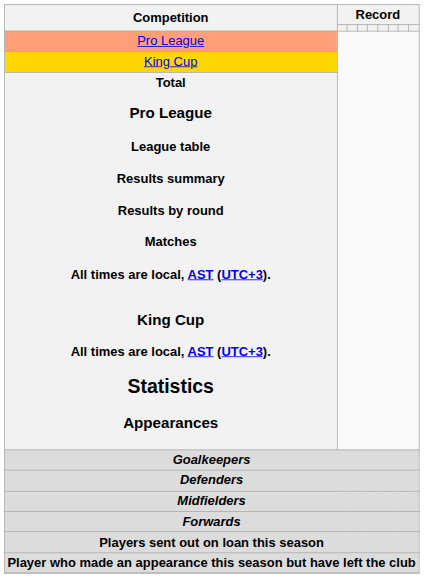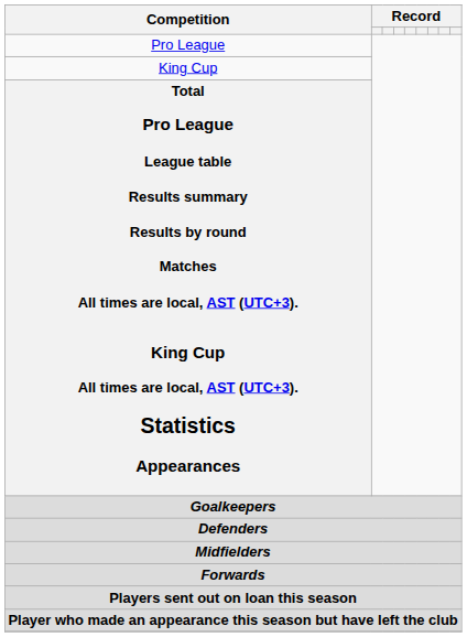 <table class="wikitable" style="text-align: center">
 <tr>
 <th rowspan=2>Competition</th>
 <th colspan=8>Record</th>
 </tr>
 <tr>
 <th></th>
 <th></th>
 <th></th>
 <th></th>
 <th></th>
 <th></th>
 <th></th>
 <th></th>
 </tr>
 <tr>
-<td style="background: lightsalmon;"><a href='#'>Pro League</a><br></td>
+<td><a href='#'>Pro League</a><br></td>
 </tr>
 <tr>
-<td style="background: gold;"><a href='#'>King Cup</a><br></td>
+<td><a href='#'>King Cup</a><br></td>
 </tr>
 <tr>
 <th>Total<br> <h3>Pro League</h3><h4>League table</h4><h4>Results summary</h4> <h4>Results by round</h4><h4>Matches</h4>All times are local, <a href='#'>AST</a> (<a href='#'>UTC+3</a>).<br>   <br>                             <h3>King Cup</h3> All times are local, <a href='#'>AST</a> (<a href='#'>UTC+3</a>).<br> <h2>Statistics</h2><h3>Appearances</h3></th>
 </tr>
 <tr>
 <th colspan=10 style=background:#dcdcdc; text-align:center><em>Goalkeepers</em><br>   </th>
 </tr>
 <tr>
 <th colspan=10 style=background:#dcdcdc; text-align:center><em>Defenders</em><br>           </th>
 </tr>
 <tr>
 <th colspan=10 style=background:#dcdcdc; text-align:center><em>Midfielders</em><br>            </th>
 </tr>
 <tr>
 <th colspan=10 style=background:#dcdcdc; text-align:center><em>Forwards</em><br> </th>
 </tr>
 <tr>
 <th colspan=18 style=background:#dcdcdc; text-align:center>Players sent out on loan this season<br></th>
 </tr>
 <tr>
 <th colspan=18 style=background:#dcdcdc; text-align:center>Player who made an appearance this season but have left the club<br>   </th>
 </tr>
 <tr>
 </tr>
 </table>
